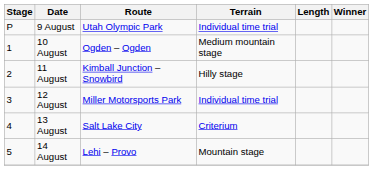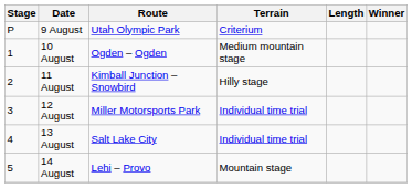 <table class="wikitable">
 <tr>
 <th>Stage</th>
 <th>Date</th>
 <th>Route</th>
 <th>Terrain</th>
 <th>Length</th>
 <th>Winner</th>
 </tr>
 <tr>
 <td style="align:center;">P</td>
 <td>9 August</td>
 <td><a href='#'>Utah Olympic Park</a></td>
-<td> <a href='#'>Individual time trial</a></td>
+<td> <a href='#'>Criterium</a></td>
 <td></td>
 <td></td>
 </tr>
 <tr>
 <td style="align:center;">1</td>
 <td>10 August</td>
 <td><a href='#'>Ogden</a> – <a href='#'>Ogden</a></td>
 <td> Medium mountain stage</td>
 <td></td>
 <td></td>
 </tr>
 <tr>
 <td style="align:center;">2</td>
 <td>11 August</td>
 <td><a href='#'>Kimball Junction</a> – <a href='#'>Snowbird</a></td>
 <td> Hilly stage</td>
 <td></td>
 <td></td>
 </tr>
 <tr>
 <td style="align:center;">3</td>
 <td>12 August</td>
 <td><a href='#'>Miller Motorsports Park</a></td>
 <td> <a href='#'>Individual time trial</a></td>
 <td></td>
 <td></td>
 </tr>
 <tr>
 <td style="align:center;">4</td>
 <td>13 August</td>
 <td><a href='#'>Salt Lake City</a></td>
-<td> <a href='#'>Criterium</a></td>
+<td> <a href='#'>Individual time trial</a></td>
 <td></td>
 <td></td>
 </tr>
 <tr>
 <td style="align:center;">5</td>
 <td>14 August</td>
 <td><a href='#'>Lehi</a> – <a href='#'>Provo</a></td>
 <td> Mountain stage</td>
 <td></td>
 <td></td>
 </tr>
 <tr>
 </tr>
 </table>
